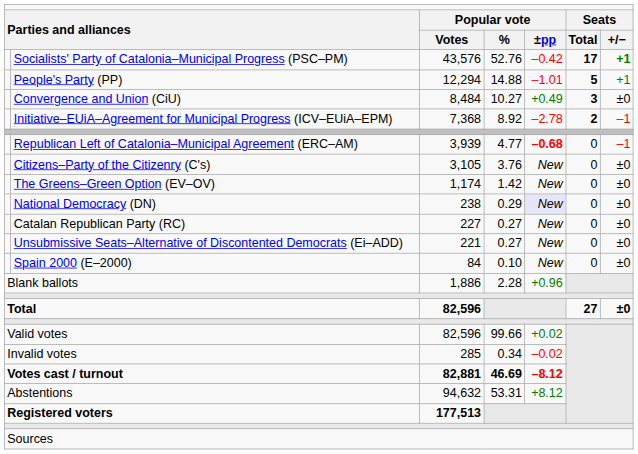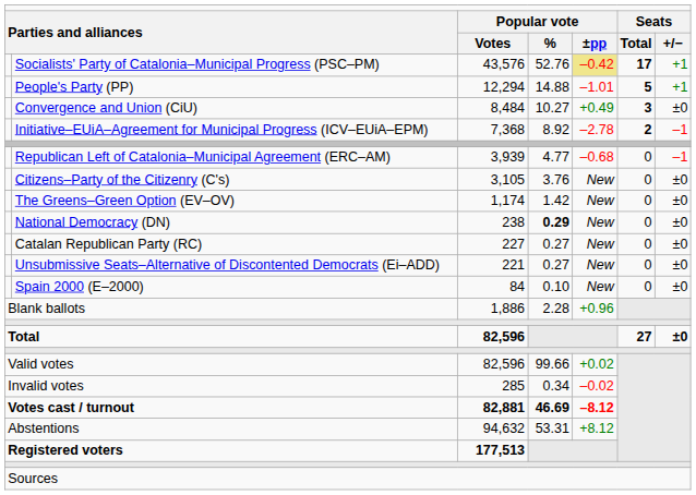 <table class="wikitable" style="text-align:right;">
 <tr>
 <td colspan="7"></td>
 </tr>
 <tr>
 <th style="text-align:left;" rowspan="2" colspan="2" width="525">Parties and alliances</th>
 <th colspan="3">Popular vote</th>
 <th colspan="2">Seats</th>
 </tr>
 <tr>
 <th width="75">Votes</th>
 <th width="45">%</th>
 <th width="45">±<a href='#'>pp</a></th>
 <th width="35">Total</th>
 <th width="35">+/−</th>
 </tr>
 <tr>
 <td width="1" style="color:inherit;background:"></td>
 <td align="left"><a href='#'>Socialists' Party of Catalonia–Municipal Progress</a> (PSC–PM)</td>
 <td>43,576</td>
 <td>52.76</td>
-<td style="color:red;">–0.42</td>
+<td style="background: khaki; color:red;">–0.42</td>
 <td><strong>17</strong></td>
-<td style="color:green;"><strong>+1</strong></td>
+<td style="color:green;">+1</td>
 </tr>
 <tr>
 <td style="color:inherit;background:"></td>
 <td align="left"><a href='#'>People's Party</a> (PP)</td>
 <td>12,294</td>
 <td>14.88</td>
 <td style="color:red;">–1.01</td>
 <td><strong>5</strong></td>
 <td style="color:green;">+1</td>
 </tr>
 <tr>
 <td style="color:inherit;background:"></td>
 <td align="left"><a href='#'>Convergence and Union</a> (CiU)</td>
 <td>8,484</td>
 <td>10.27</td>
 <td style="color:green;">+0.49</td>
 <td><strong>3</strong></td>
 <td>±0</td>
 </tr>
 <tr>
 <td style="color:inherit;background:"></td>
 <td align="left"><a href='#'>Initiative–EUiA–Agreement for Municipal Progress</a> (ICV–EUiA–EPM)</td>
 <td>7,368</td>
 <td>8.92</td>
 <td style="color:red;">–2.78</td>
 <td><strong>2</strong></td>
 <td style="color:red;">–1</td>
 </tr>
 <tr>
 <td colspan="7" style="color:inherit;background:#C0C0C0"></td>
 </tr>
 <tr>
 <td style="color:inherit;background:"></td>
 <td align="left"><a href='#'>Republican Left of Catalonia–Municipal Agreement</a> (ERC–AM)</td>
 <td>3,939</td>
 <td>4.77</td>
-<td style="color:red;"><strong>–0.68</strong></td>
+<td style="color:red;">–0.68</td>
 <td>0</td>
 <td style="color:red;">–1</td>
 </tr>
 <tr>
 <td style="color:inherit;background:"></td>
 <td align="left"><a href='#'>Citizens–Party of the Citizenry</a> (C's)</td>
 <td>3,105</td>
 <td>3.76</td>
 <td><em>New</em></td>
 <td>0</td>
 <td>±0</td>
 </tr>
 <tr>
 <td style="color:inherit;background:"></td>
 <td align="left"><a href='#'>The Greens–Green Option</a> (EV–OV)</td>
 <td>1,174</td>
 <td>1.42</td>
 <td><em>New</em></td>
 <td>0</td>
 <td>±0</td>
 </tr>
 <tr>
 <td style="color:inherit;background:"></td>
 <td align="left"><a href='#'>National Democracy</a> (DN)</td>
 <td>238</td>
-<td>0.29</td>
-<td style="background: lavender;"><em>New</em></td>
+<td><strong>0.29</strong></td>
+<td><em>New</em></td>
 <td>0</td>
 <td>±0</td>
 </tr>
 <tr>
 <td style="color:inherit;background:"></td>
 <td align="left">Catalan Republican Party (RC)</td>
 <td>227</td>
 <td>0.27</td>
 <td><em>New</em></td>
 <td>0</td>
 <td>±0</td>
 </tr>
 <tr>
 <td style="color:inherit;background:"></td>
 <td align="left"><a href='#'>Unsubmissive Seats–Alternative of Discontented Democrats</a> (Ei–ADD)</td>
 <td>221</td>
 <td>0.27</td>
 <td><em>New</em></td>
 <td>0</td>
 <td>±0</td>
 </tr>
 <tr>
 <td style="color:inherit;background:"></td>
 <td align="left"><a href='#'>Spain 2000</a> (E–2000)</td>
 <td>84</td>
 <td>0.10</td>
 <td><em>New</em></td>
 <td>0</td>
 <td>±0</td>
 </tr>
 <tr>
 <td align="left" colspan="2">Blank ballots</td>
 <td>1,886</td>
 <td>2.28</td>
 <td style="color:green;">+0.96</td>
 <td style="color:inherit;background:#E9E9E9" colspan="2"></td>
 </tr>
 <tr>
 <td colspan="7" style="color:inherit;background:#E9E9E9"></td>
 </tr>
 <tr style="font-weight:bold;">
 <td align="left" colspan="2">Total</td>
 <td>82,596</td>
 <td bgcolor="#E9E9E9" colspan="2"></td>
 <td>27</td>
 <td>±0</td>
 </tr>
 <tr>
 <td colspan="7" style="color:inherit;background:#E9E9E9"></td>
 </tr>
 <tr>
 <td align="left" colspan="2">Valid votes</td>
 <td>82,596</td>
 <td>99.66</td>
 <td style="color:green;">+0.02</td>
 <td bgcolor="#E9E9E9" colspan="2" rowspan="5"></td>
 </tr>
 <tr>
 <td align="left" colspan="2">Invalid votes</td>
 <td>285</td>
 <td>0.34</td>
 <td style="color:red;">–0.02</td>
 </tr>
 <tr style="font-weight:bold;">
 <td align="left" colspan="2">Votes cast / turnout</td>
 <td>82,881</td>
 <td>46.69</td>
 <td style="color:red;">–8.12</td>
 </tr>
 <tr>
 <td align="left" colspan="2">Abstentions</td>
 <td>94,632</td>
 <td>53.31</td>
 <td style="color:green;">+8.12</td>
 </tr>
 <tr style="font-weight:bold;">
 <td align="left" colspan="2">Registered voters</td>
 <td>177,513</td>
 <td bgcolor="#E9E9E9" colspan="2"></td>
 </tr>
 <tr>
 <td colspan="7" style="color:inherit;background:#E9E9E9"></td>
 </tr>
 <tr>
 <td align="left" colspan="7">Sources</td>
 </tr>
 </table>
